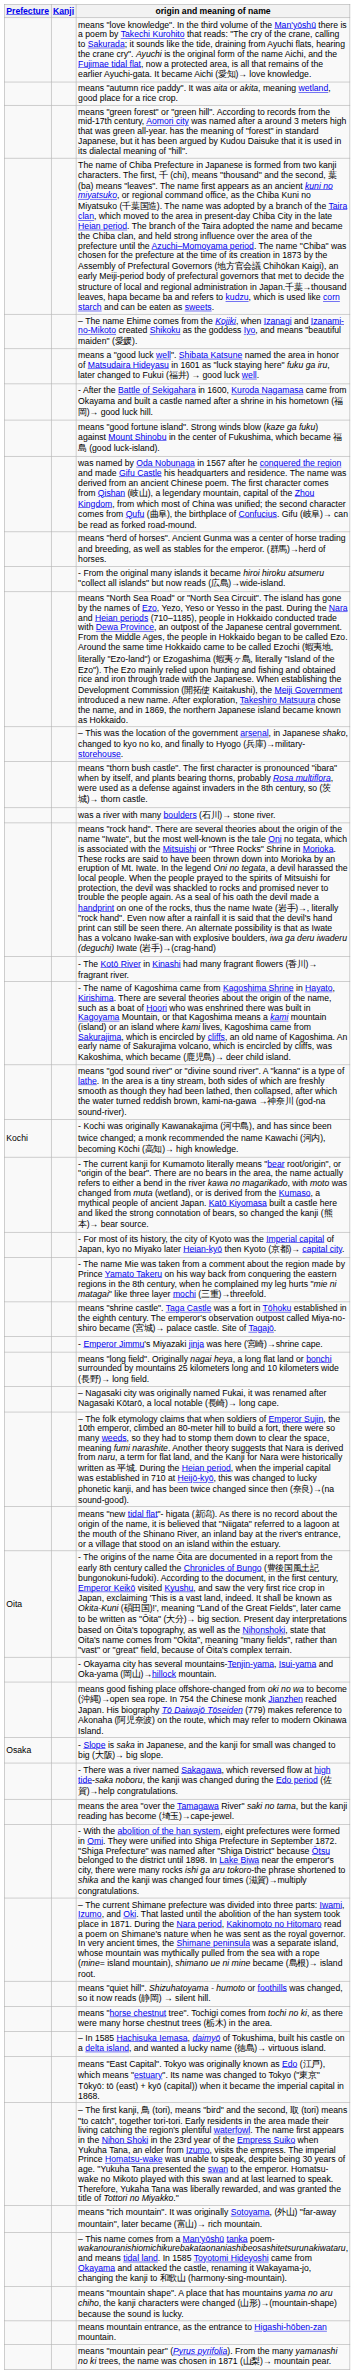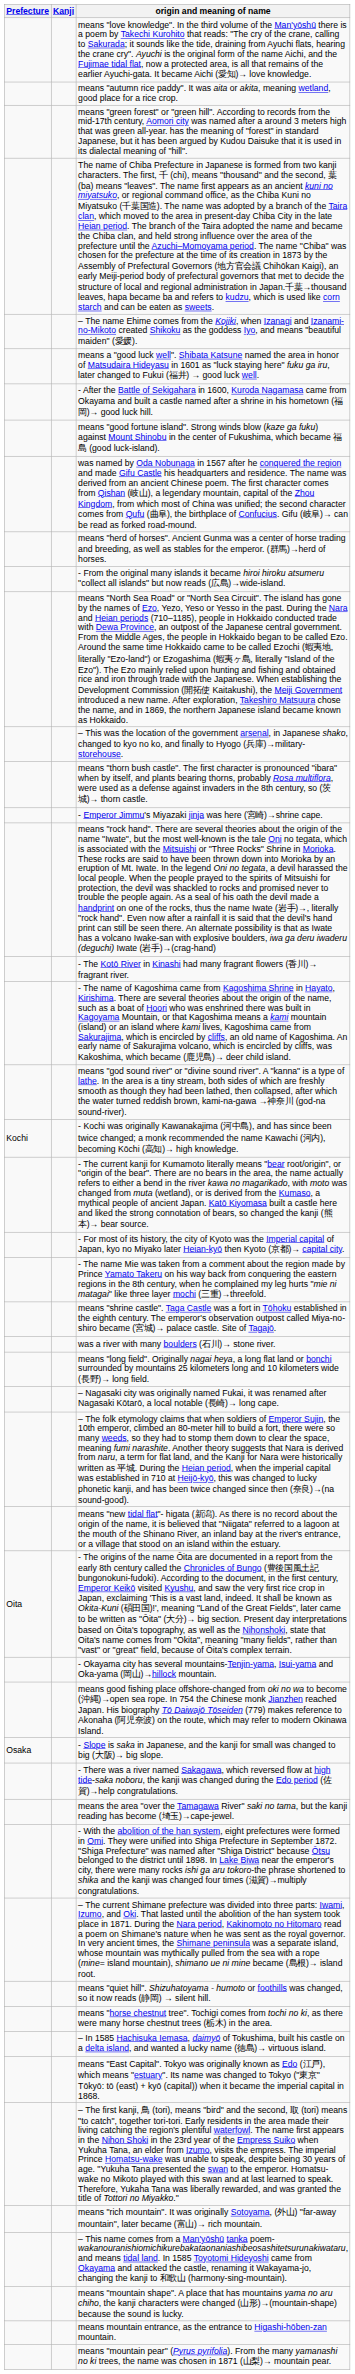 <table class="wikitable sortable">
 <tr>
 <th><a href='#'>Prefecture</a></th>
 <th><a href='#'>Kanji</a></th>
 <th>origin and meaning of name</th>
 </tr>
 <tr>
 <td></td>
 <td><span></span></td>
 <td> means "love knowledge". In the third volume of the <a href='#'>Man'yōshū</a> there is a poem by <a href='#'>Takechi Kurohito</a> that reads: "The cry of the crane, calling to <a href='#'>Sakurada</a>; it sounds like the tide, draining from Ayuchi flats, hearing the crane cry". <em>Ayuchi</em> is the original form of the name Aichi, and the <a href='#'>Fujimae tidal flat</a>, now a protected area, is all that remains of the earlier Ayuchi-gata. It became Aichi (愛知)→ love knowledge.</td>
 </tr>
 <tr>
 <td></td>
 <td><span></span></td>
 <td> means "autumn rice paddy". It was <em>aita</em> or <em>akita</em>, meaning <a href='#'>wetland</a>, good place for a rice crop.</td>
 </tr>
 <tr>
 <td></td>
 <td><span></span></td>
 <td> means "green forest" or "green hill". According to records from the mid-17th century, <a href='#'>Aomori city</a> was named after a  around 3 meters high that was green all-year.  has the meaning of "forest" in standard Japanese, but it has been argued by Kudou Daisuke that it is used in its dialectal meaning of "hill".</td>
 </tr>
 <tr>
 <td></td>
 <td><span></span></td>
 <td> The name of Chiba Prefecture in Japanese is formed from two kanji characters. The first, 千 (chi), means "thousand" and the second, 葉 (ba) means "leaves". The name first appears as an ancient <em><a href='#'>kuni no miyatsuko</a></em>, or regional command office, as the Chiba Kuni no Miyatsuko (千葉国造). The name was adopted by a branch of the <a href='#'>Taira clan</a>, which moved to the area in present-day Chiba City in the late <a href='#'>Heian period</a>. The branch of the Taira adopted the name and became the Chiba clan, and held strong influence over the area of the prefecture until the <a href='#'>Azuchi–Momoyama period</a>. The name "Chiba" was chosen for the prefecture at the time of its creation in 1873 by the Assembly of Prefectural Governors (地方官会議 Chihōkan Kaigi), an early Meiji-period body of prefectural governors that met to decide the structure of local and regional administration in Japan.千葉→thousand leaves, hapa became ba and refers to <a href='#'>kudzu</a>, which is used like <a href='#'>corn starch</a> and can be eaten as <a href='#'>sweets</a>.</td>
 </tr>
 <tr>
 <td></td>
 <td><span></span></td>
 <td> – The name Ehime comes from the <em><a href='#'>Kojiki</a></em>, when <a href='#'>Izanagi</a> and <a href='#'>Izanami-no-Mikoto</a> created <a href='#'>Shikoku</a> as the goddess <a href='#'>Iyo</a>, and means "beautiful maiden" (愛媛).</td>
 </tr>
 <tr>
 <td></td>
 <td><span></span></td>
 <td> means a "good luck <a href='#'>well</a>".  <a href='#'>Shibata Katsune</a> named the area in honor of <a href='#'>Matsudaira Hideyasu</a> in 1601 as "luck staying here" <em>fuku ga iru</em>, later changed to Fukui (福井) → good luck <a href='#'>well</a>.</td>
 </tr>
 <tr>
 <td></td>
 <td><span></span></td>
 <td> - After the <a href='#'>Battle of Sekigahara</a> in 1600, <a href='#'>Kuroda Nagamasa</a> came from Okayama and built a castle named after a shrine in his hometown (福岡)→ good luck hill.</td>
 </tr>
 <tr>
 <td></td>
 <td><span></span></td>
 <td> means "good fortune island".  Strong winds blow (<em>kaze ga fuku</em>) against <a href='#'>Mount Shinobu</a> in the center of Fukushima, which became 福島 (good luck-island).</td>
 </tr>
 <tr>
 <td></td>
 <td><span></span></td>
 <td> was named by <a href='#'>Oda Nobunaga</a> in 1567 after he <a href='#'>conquered the region</a> and made <a href='#'>Gifu Castle</a> his headquarters and residence.  The name was derived from an ancient Chinese poem. The first character comes from <a href='#'>Qishan</a> (岐山), a legendary mountain, capital of the <a href='#'>Zhou Kingdom</a>, from which most of China was unified; the second character comes from <a href='#'>Qufu</a> (曲阜), the birthplace of <a href='#'>Confucius</a>. Gifu (岐阜)→ can be read as forked road-mound.</td>
 </tr>
 <tr>
 <td></td>
 <td><span></span></td>
 <td> means "herd of horses". Ancient Gunma was a center of horse trading and breeding, as well as stables for the emperor. (群馬)→herd of horses.</td>
 </tr>
 <tr>
 <td></td>
 <td><span></span></td>
 <td> - From the original many islands it became <em>hiroi hiroku atsumeru</em> "collect all islands" but now reads (広島)→wide-island.</td>
 </tr>
 <tr>
 <td></td>
 <td><span></span></td>
 <td> means "North Sea Road" or "North Sea Circuit". The island has gone by the names of <a href='#'>Ezo</a>, Yezo, Yeso or Yesso in the past. During the <a href='#'>Nara</a> and <a href='#'>Heian periods</a> (710–1185), people in Hokkaido conducted trade with <a href='#'>Dewa Province</a>, an outpost of the Japanese central government. From the Middle Ages, the people in Hokkaido began to be called Ezo. Around the same time Hokkaido came to be called Ezochi (蝦夷地, literally "Ezo-land") or Ezogashima (蝦夷ヶ島, literally "Island of the Ezo"). The Ezo mainly relied upon hunting and fishing and obtained rice and iron through trade with the Japanese.  When establishing the Development Commission (開拓使 Kaitakushi), the <a href='#'>Meiji Government</a> introduced a new name. After exploration, <a href='#'>Takeshiro Matsuura</a> chose the name, and in 1869, the northern Japanese island became known as Hokkaido.</td>
 </tr>
 <tr>
 <td></td>
 <td><span></span></td>
 <td> – This was the location of the government <a href='#'>arsenal</a>, in Japanese <em>shako</em>, changed to kyo no ko, and finally to Hyogo (兵庫)→military-<a href='#'>storehouse</a>.</td>
 </tr>
 <tr>
 <td></td>
 <td><span></span></td>
 <td> means "thorn bush castle".  The first character is pronounced "ibara" when by itself, and plants bearing thorns, probably <em><a href='#'>Rosa multiflora</a></em>, were used as a defense against invaders in the 8th century, so (茨城)→ thorn castle.</td>
 </tr>
 <tr>
 <td></td>
 <td><span></span></td>
-<td> was a river with many <a href='#'>boulders</a> (石川)→ stone river.</td>
+<td> - <a href='#'>Emperor Jimmu</a>'s Miyazaki <a href='#'>jinja</a> was here (宮崎)→shrine cape.</td>
 </tr>
 <tr>
 <td></td>
 <td><span></span></td>
 <td> means "rock hand". There are several theories about the origin of the name "Iwate", but the most well-known is the tale <a href='#'>Oni</a> no tegata, which is associated with the <a href='#'>Mitsuishi</a> or "Three Rocks" Shrine in <a href='#'>Morioka</a>. These rocks are said to have been thrown down into Morioka by an eruption of Mt. Iwate. In the legend <em>Oni no tegata</em>, a devil harassed the local people. When the people prayed to the spirits of Mitsuishi for protection, the devil was shackled to rocks and promised never to trouble the people again. As a seal of his oath the devil made a <a href='#'>handprint</a> on one of the rocks, thus the name Iwate (岩手)→, literally "rock hand". Even now after a rainfall it is said that the devil's hand print can still be seen there. An alternate possibility is that as Iwate has a volcano Iwake-san with explosive boulders, <em>iwa ga deru iwaderu (deguchi)</em> Iwate (岩手)→(crag-hand)</td>
 </tr>
 <tr>
 <td></td>
 <td><span></span></td>
 <td> - The <a href='#'>Kotō River</a> in <a href='#'>Kinashi</a> had many fragrant flowers (香川)→ fragrant river.</td>
 </tr>
 <tr>
 <td></td>
 <td><span></span></td>
 <td> - The name of Kagoshima came from <a href='#'>Kagoshima Shrine</a> in <a href='#'>Hayato</a>, <a href='#'>Kirishima</a>. There are several theories about the origin of the name, such as a boat of <a href='#'>Hoori</a> who was enshrined there was built in <a href='#'>Kagoyama</a> Mountain, or that Kagoshima means a <em><a href='#'>kami</a></em> mountain (island) or an island where <em>kami</em> lives, Kagoshima came from <a href='#'>Sakurajima</a>, which is encircled by <a href='#'>cliffs</a>, an old name of Kagoshima. An early name of Sakurajima volcano, which is encircled by cliffs, was Kakoshima, which became (鹿児島)→ deer child island.</td>
 </tr>
 <tr>
 <td></td>
 <td><span></span></td>
 <td> means "god sound river" or "divine sound river".  A "kanna" is a type of <a href='#'>lathe</a>. In the area is a tiny stream, both sides of which are freshly smooth as though they had been lathed, then collapsed, after which the water turned reddish brown, kami-na-gawa →神奈川 (god-na sound-river).</td>
 </tr>
 <tr>
 <td><span>Kochi</span></td>
 <td><span></span></td>
 <td> - Kochi was originally Kawanakajima (河中島), and has since been twice changed; a monk recommended the name Kawachi (河内), becoming Kōchi (高知)→ high knowledge.</td>
 </tr>
 <tr>
 <td></td>
 <td><span></span></td>
 <td> - The current kanji for Kumamoto literally means "<a href='#'>bear</a> root/origin", or "origin of the bear". There are no bears in the area, the name actually refers to either a bend in the river <em>kawa no magarikado</em>, with <em>moto</em> was changed from <em>muta</em> (wetland), or is derived from the <a href='#'>Kumaso</a>, a mythical people of ancient Japan. <a href='#'>Katō Kiyomasa</a> built a castle here and liked the strong connotation of bears, so changed the kanji (熊本)→ bear source.</td>
 </tr>
 <tr>
 <td></td>
 <td><span></span></td>
 <td> - For most of its history, the city of Kyoto was the <a href='#'>Imperial capital</a> of Japan, kyo no Miyako later <a href='#'>Heian-kyō</a> then Kyoto (京都)→ <a href='#'>capital city</a>.</td>
 </tr>
 <tr>
 <td></td>
 <td><span></span></td>
 <td> - The name Mie was taken from a comment about the region made by Prince <a href='#'>Yamato Takeru</a> on his way back from conquering the eastern regions in the 8th century, when he complained my leg hurts "<em>mie ni matagai</em>" like three layer <a href='#'>mochi</a> (三重)→threefold.</td>
 </tr>
 <tr>
 <td></td>
 <td><span></span></td>
 <td> means "shrine castle".  <a href='#'>Taga Castle</a> was a fort in <a href='#'>Tōhoku</a> established in the eighth century. The emperor's observation outpost called Miya-no-shiro became (宮城)→ palace castle. Site of <a href='#'>Tagajō</a>.</td>
 </tr>
 <tr>
 <td></td>
 <td><span></span></td>
-<td> - <a href='#'>Emperor Jimmu</a>'s Miyazaki <a href='#'>jinja</a> was here (宮崎)→shrine cape.</td>
+<td> was a river with many <a href='#'>boulders</a> (石川)→ stone river.</td>
 </tr>
 <tr>
 <td></td>
 <td><span></span></td>
 <td> means "long field". Originally <em>nagai heya</em>, a long flat land or <a href='#'>bonchi</a> surrounded by mountains 25 kilometers long and 10 kilometers wide (長野)→ long field.</td>
 </tr>
 <tr>
 <td></td>
 <td><span></span></td>
 <td> – Nagasaki city was originally named Fukai, it was renamed after Nagasaki Kōtarō, a local notable (長崎)→ long cape.</td>
 </tr>
 <tr>
 <td></td>
 <td><span></span></td>
 <td> – The folk etymology claims that when soldiers of <a href='#'>Emperor Sujin</a>, the 10th emperor, climbed an 80-meter hill to build a fort, there were so many <a href='#'>weeds</a>, so they had to stomp them down to clear the space, meaning <em>fumi narashite</em>. Another theory suggests that Nara is derived from <em>naru</em>, a term for flat land, and the Kanji for Nara were historically written as 平城. During the <a href='#'>Heian period</a>, when the imperial capital was established in 710 at <a href='#'>Heijō-kyō</a>, this was changed to lucky phonetic kanji, and has been twice changed since then (奈良)→(na sound-good).</td>
 </tr>
 <tr>
 <td></td>
 <td><span></span></td>
 <td> means "new <a href='#'>tidal flat</a>"- higata (新潟). As there is no record about the origin of the name, it is believed that "Niigata" referred to a lagoon at the mouth of the Shinano River, an inland bay at the river's entrance, or a village that stood on an island within the estuary.</td>
 </tr>
 <tr>
 <td><span>Oita</span></td>
 <td><span></span></td>
 <td> - The origins of the name Ōita are documented in a report from the early 8th century called the <a href='#'>Chronicles of Bungo</a> (豊後国風土記 bungonokuni-fudoki). According to the document, in the first century, <a href='#'>Emperor Keikō</a> visited <a href='#'>Kyushu</a>, and saw the very first rice crop in Japan, exclaiming 'This is a vast land, indeed. It shall be known as <em>Okita-Kuni</em> (碩田国)!', meaning "Land of the Great Fields", later came to be written as "Ōita" (大分)→ big section. Present day interpretations based on Ōita's topography, as well as the <a href='#'>Nihonshoki</a>, state that Oita's name comes from "Okita", meaning "many fields", rather than "vast" or "great" field, because of Ōita's complex terrain.</td>
 </tr>
 <tr>
 <td></td>
 <td><span></span></td>
 <td> - Okayama city has several mountains-<a href='#'>Tenjin-yama</a>, <a href='#'>Isui-yama</a> and Oka-yama (岡山)→<a href='#'>hillock</a> mountain.</td>
 </tr>
 <tr>
 <td></td>
 <td><span></span></td>
 <td> means good fishing place offshore-changed from <em>oki no wa</em> to become (沖縄)→open sea rope. In 754 the Chinese monk <a href='#'>Jianzhen</a> reached Japan. His biography <em><a href='#'>Tō Daiwajō Tōseiden</a></em> (779) makes reference to Akonaha (阿児奈波) on the route, which may refer to modern Okinawa Island.</td>
 </tr>
 <tr>
 <td><span>Osaka</span></td>
 <td><span></span></td>
 <td> - <a href='#'>Slope</a> is <em>saka</em> in Japanese, and the kanji for small was changed to big (大阪)→ big slope.</td>
 </tr>
 <tr>
 <td></td>
 <td><span></span></td>
 <td> - There was a river named <a href='#'>Sakagawa</a>, which reversed flow at <a href='#'>high tide</a>-<em>saka noboru</em>, the kanji was changed during the <a href='#'>Edo period</a> (佐賀)→help congratulations.</td>
 </tr>
 <tr>
 <td></td>
 <td><span></span></td>
 <td> means the area "over the <a href='#'>Tamagawa</a> River" <em>saki no tama</em>, but the kanji reading has become (埼玉)→cape-jewel.</td>
 </tr>
 <tr>
 <td></td>
 <td><span></span></td>
 <td> - With the <a href='#'>abolition of the han system</a>, eight prefectures were formed in <a href='#'>Omi</a>. They were unified into Shiga Prefecture in September 1872. "Shiga Prefecture" was named after "Shiga District" because <a href='#'>Ōtsu</a> belonged to the district until 1898. In <a href='#'>Lake Biwa</a> near the emperor's city, there were many rocks <em>ishi ga aru tokoro</em>-the phrase shortened to <em>shika</em> and the kanji was changed four times (滋賀)→multiply congratulations.</td>
 </tr>
 <tr>
 <td></td>
 <td><span></span></td>
 <td> – The current Shimane prefecture was divided into three parts: <a href='#'>Iwami</a>, <a href='#'>Izumo</a>, and <a href='#'>Oki</a>. That lasted until the abolition of the han system took place in 1871. During the <a href='#'>Nara period</a>, <a href='#'>Kakinomoto no Hitomaro</a> read a poem on Shimane's nature when he was sent as the royal governor. In very ancient times, the <a href='#'>Shimane peninsula</a> was a separate island, whose mountain was mythically pulled from the sea with a rope (<em>mine</em>= island mountain), <em>shimano ue ni mine</em> became (島根)→ island root.</td>
 </tr>
 <tr>
 <td></td>
 <td><span></span></td>
 <td> means "quiet hill".  <em>Shizuhatoyama - humoto</em> or <a href='#'>foothills</a> was changed, so it now reads (静岡) → silent hill.</td>
 </tr>
 <tr>
 <td></td>
 <td><span></span></td>
 <td> means "<a href='#'>horse chestnut</a> tree". Tochigi comes from <em>tochi no ki</em>, as there were many horse chestnut trees (栃木) in the area.</td>
 </tr>
 <tr>
 <td></td>
 <td><span></span></td>
 <td> – In 1585 <a href='#'>Hachisuka Iemasa</a>, <em><a href='#'>daimyō</a></em> of Tokushima, built his castle on a <a href='#'>delta island</a>, and wanted a lucky name (徳島)→ virtuous island.</td>
 </tr>
 <tr>
 <td></td>
 <td><span></span></td>
 <td> means "East Capital". Tokyo was originally known as <a href='#'>Edo</a> (江戸), which means "<a href='#'>estuary</a>". Its name was changed to Tokyo ("東京" Tōkyō: tō (east) + kyō (capital)) when it became the imperial capital in 1868.</td>
 </tr>
 <tr>
 <td></td>
 <td><span></span></td>
 <td> – The first kanji, 鳥 (tori), means "bird" and the second, 取 (tori) means "to catch", together tori-tori. Early residents in the area made their living catching the region's plentiful <a href='#'>waterfowl</a>. The name first appears in the <a href='#'>Nihon Shoki</a> in the 23rd year of the <a href='#'>Empress Suiko</a> when Yukuha Tana, an elder from <a href='#'>Izumo</a>, visits the empress. The imperial Prince <a href='#'>Homatsu-wake</a> was unable to speak, despite being 30 years of age. "Yukuha Tana presented the <a href='#'>swan</a> to the emperor. Homatsu-wake no Mikoto played with this swan and at last learned to speak. Therefore, Yukaha Tana was liberally rewarded, and was granted the title of <em>Tottori no Miyakko</em>."</td>
 </tr>
 <tr>
 <td></td>
 <td><span></span></td>
 <td> means "rich mountain".  It was originally <a href='#'>Sotoyama</a>, (外山) "far-away mountain", later became (富山)→ rich mountain.</td>
 </tr>
 <tr>
 <td></td>
 <td><span></span></td>
 <td> – This name comes from a <a href='#'>Man'yōshū</a> <a href='#'>tanka</a> poem-<em>wakanouranishiomichikurebakataonaniashibeosashitetsurunakiwataru</em>, and means <a href='#'>tidal land</a>. In 1585 <a href='#'>Toyotomi Hideyoshi</a> came from <a href='#'>Okayama</a> and attacked the castle, renaming it Wakayama-jo, changing the kanji to 和歌山 (harmony-sing-mountain).</td>
 </tr>
 <tr>
 <td></td>
 <td><span></span></td>
 <td> means "mountain shape".  A place that has mountains <em>yama no aru chiho</em>, the kanji characters were changed (山形)→(mountain-shape) because the sound is lucky.</td>
 </tr>
 <tr>
 <td></td>
 <td><span></span></td>
 <td> means mountain entrance, as the entrance to <a href='#'>Higashi-hōben-zan</a> mountain.</td>
 </tr>
 <tr>
 <td></td>
 <td><span></span></td>
 <td> means "mountain pear" (<em><a href='#'>Pyrus pyrifolia</a></em>). From the many <em>yamanashi no ki</em> trees, the name was chosen in 1871 (山梨)→ mountain pear.</td>
 </tr>
 </table>
